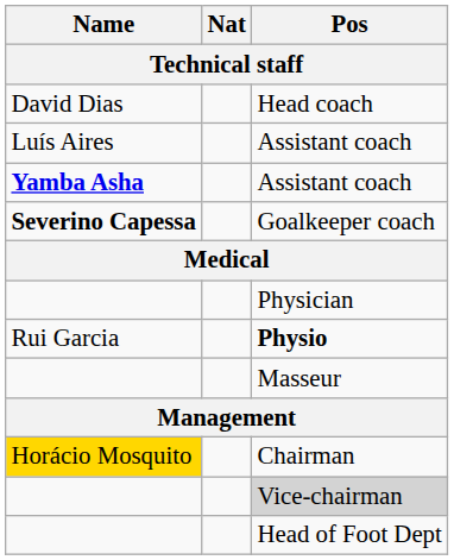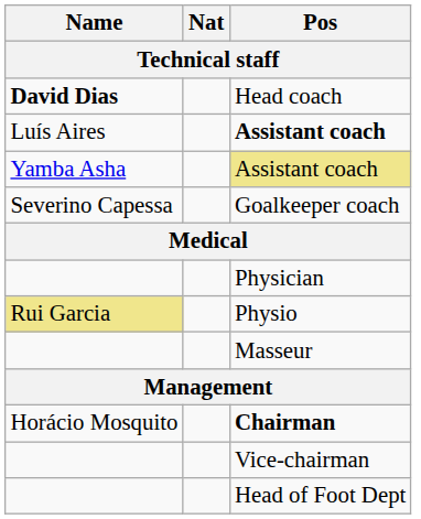 <table class="wikitable ve-ce-branchNode ve-ce-tableNode">
 <tr>
 <th>Name</th>
 <th>Nat</th>
 <th>Pos</th>
 </tr>
 <tr>
 <th colspan="4">Technical staff</th>
 </tr>
 <tr>
-<td>David Dias</td>
+<td><strong>David Dias</strong></td>
 <td></td>
 <td>Head coach</td>
 </tr>
 <tr>
 <td>Luís Aires</td>
 <td></td>
-<td>Assistant coach</td>
+<td><strong>Assistant coach</strong></td>
 </tr>
 <tr>
-<td><strong><a href='#'>Yamba Asha</a></strong></td>
+<td><a href='#'>Yamba Asha</a></td>
 <td></td>
-<td>Assistant coach</td>
+<td style="background: khaki;">Assistant coach</td>
 </tr>
 <tr>
-<td><strong>Severino Capessa</strong></td>
+<td>Severino Capessa</td>
 <td></td>
 <td>Goalkeeper coach</td>
 </tr>
 <tr>
 <th colspan="4">Medical</th>
 </tr>
 <tr>
 <td></td>
 <td></td>
 <td>Physician</td>
 </tr>
 <tr>
-<td>Rui Garcia</td>
+<td style="background: khaki;">Rui Garcia</td>
 <td></td>
-<td><strong>Physio</strong></td>
+<td>Physio</td>
 </tr>
 <tr>
 <td></td>
 <td></td>
 <td>Masseur</td>
 </tr>
 <tr>
 <th colspan="4">Management</th>
 </tr>
 <tr>
-<td style="background: gold;">Horácio Mosquito</td>
+<td>Horácio Mosquito</td>
 <td></td>
-<td>Chairman</td>
+<td><strong>Chairman</strong></td>
 </tr>
 <tr>
 <td></td>
 <td></td>
-<td style="background: lightgrey;">Vice-chairman</td>
+<td>Vice-chairman</td>
 </tr>
 <tr>
 <td></td>
 <td></td>
 <td>Head of Foot Dept</td>
 </tr>
 </table>
